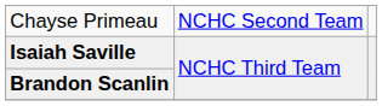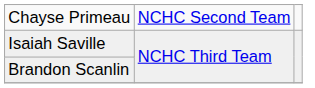 <table class="wikitable">
 <tr>
 <td>Chayse Primeau</td>
 <td><a href='#'>NCHC Second Team</a></td>
 <td></td>
 </tr>
 <tr bgcolor=f0f0f0>
-<td><strong>Isaiah Saville</strong></td>
+<td>Isaiah Saville</td>
 <td rowspan=2><a href='#'>NCHC Third Team</a></td>
 <td rowspan=2></td>
 </tr>
 <tr bgcolor=f0f0f0>
-<td><strong>Brandon Scanlin</strong></td>
+<td>Brandon Scanlin</td>
 </tr>
 <tr>
 </tr>
 </table>
